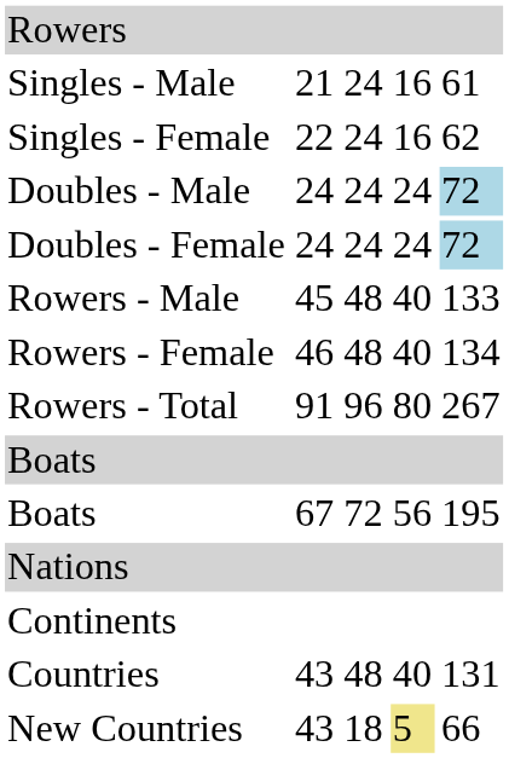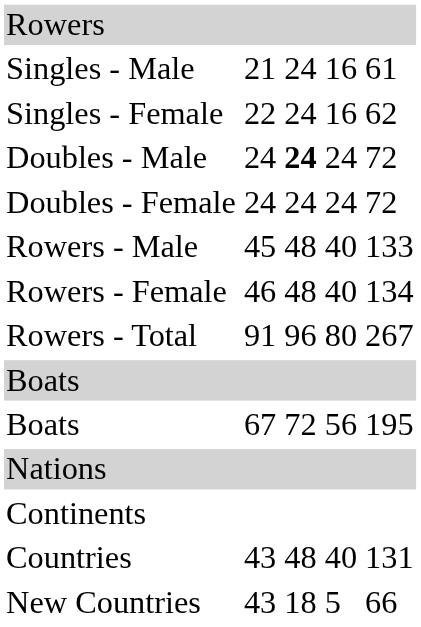 <table>
 <tr>
 </tr>
 <tr>
 </tr>
 <tr>
 </tr>
 <tr>
 </tr>
 <tr>
 </tr>
 <tr>
 </tr>
 <tr>
 </tr>
 <tr>
 </tr>
 <tr>
 </tr>
 <tr>
 </tr>
 <tr>
 </tr>
 <tr>
 </tr>
 <tr>
 </tr>
 <tr>
 </tr>
 <tr>
 </tr>
 <tr>
 </tr>
 <tr>
 </tr>
 <tr>
 </tr>
 <tr>
 </tr>
 <tr>
 </tr>
 <tr>
 </tr>
 <tr>
 </tr>
 <tr>
 </tr>
 <tr>
 </tr>
 <tr>
 </tr>
 <tr>
 </tr>
 <tr>
 </tr>
 <tr>
 </tr>
 <tr>
 </tr>
 <tr>
 </tr>
 <tr>
 </tr>
 <tr>
 </tr>
 <tr>
 </tr>
 <tr>
 </tr>
 <tr>
 </tr>
 <tr>
 </tr>
 <tr>
 </tr>
 <tr>
 </tr>
 <tr>
 </tr>
 <tr>
 </tr>
 <tr>
 </tr>
 <tr>
 </tr>
 <tr>
 </tr>
 <tr>
 </tr>
 <tr>
 </tr>
 <tr>
 </tr>
 <tr>
 </tr>
 <tr>
 </tr>
 <tr>
 </tr>
 <tr>
 </tr>
 <tr>
 </tr>
 <tr>
 </tr>
 <tr>
 </tr>
 <tr>
 </tr>
 <tr>
 </tr>
 <tr>
 </tr>
 <tr>
 </tr>
 <tr>
 </tr>
 <tr>
 </tr>
 <tr>
 </tr>
 <tr>
 </tr>
 <tr>
 </tr>
 <tr>
 </tr>
 <tr>
 </tr>
 <tr>
 </tr>
 <tr>
 </tr>
 <tr>
 <td colspan=30 bgcolor=lightgray>Rowers</td>
 </tr>
 <tr>
 <td align=left>Singles - Male</td>
 <td>21</td>
 <td>24</td>
 <td>16</td>
 <td>61</td>
 </tr>
 <tr>
 <td align=left>Singles - Female</td>
 <td>22</td>
 <td>24</td>
 <td>16</td>
 <td>62</td>
 </tr>
 <tr>
 <td align=left>Doubles - Male</td>
 <td>24</td>
+<td><strong>24</strong></td>
 <td>24</td>
-<td>24</td>
-<td style="background: lightblue;">72</td>
+<td>72</td>
 </tr>
 <tr>
 <td align=left>Doubles - Female</td>
 <td>24</td>
 <td>24</td>
 <td>24</td>
-<td style="background: lightblue;">72</td>
+<td>72</td>
 </tr>
 <tr>
 <td align=left>Rowers - Male</td>
 <td>45</td>
 <td>48</td>
 <td>40</td>
 <td>133</td>
 </tr>
 <tr>
 <td align=left>Rowers - Female</td>
 <td>46</td>
 <td>48</td>
 <td>40</td>
 <td>134</td>
 </tr>
 <tr>
 <td align=left>Rowers - Total</td>
 <td>91</td>
 <td>96</td>
 <td>80</td>
 <td>267</td>
 </tr>
 <tr>
 <td colspan=30 bgcolor=lightgray>Boats</td>
 </tr>
 <tr>
 <td align=left>Boats</td>
 <td>67</td>
 <td>72</td>
 <td>56</td>
 <td>195</td>
 </tr>
 <tr>
 <td colspan=30 bgcolor=lightgray>Nations</td>
 </tr>
 <tr>
 <td align=left>Continents</td>
 <td></td>
 <td></td>
 <td></td>
 <td></td>
 </tr>
 <tr>
 <td align=left>Countries</td>
 <td>43</td>
 <td>48</td>
 <td>40</td>
 <td>131</td>
 </tr>
 <tr>
 <td align=left>New Countries</td>
 <td>43</td>
 <td>18</td>
-<td style="background: khaki;">5</td>
+<td>5</td>
 <td>66</td>
 </tr>
 <tr>
 </tr>
 </table>
